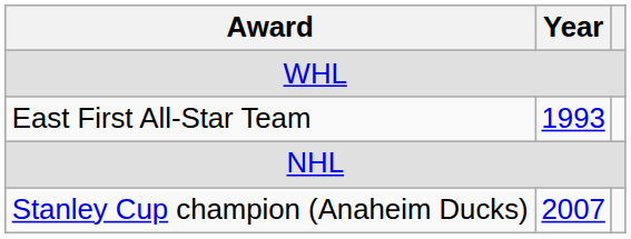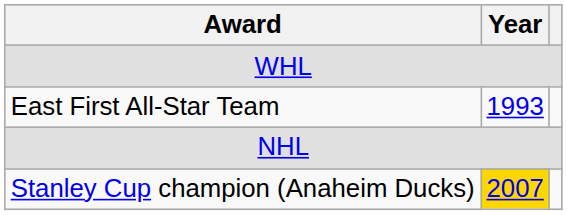 <table class="wikitable">
 <tr>
 <th>Award</th>
 <th>Year</th>
 <th></th>
 </tr>
 <tr ALIGN="center" bgcolor="#e0e0e0">
 <td colspan="3"><a href='#'>WHL</a></td>
 </tr>
 <tr>
 <td>East First All-Star Team</td>
 <td><a href='#'>1993</a></td>
 <td></td>
 </tr>
 <tr ALIGN="center" bgcolor="#e0e0e0">
 <td colspan="3"><a href='#'>NHL</a></td>
 </tr>
 <tr>
 <td><a href='#'>Stanley Cup</a> champion (Anaheim Ducks)</td>
-<td><a href='#'>2007</a></td>
+<td style="background: gold;"><a href='#'>2007</a></td>
 <td></td>
 </tr>
 </table>
